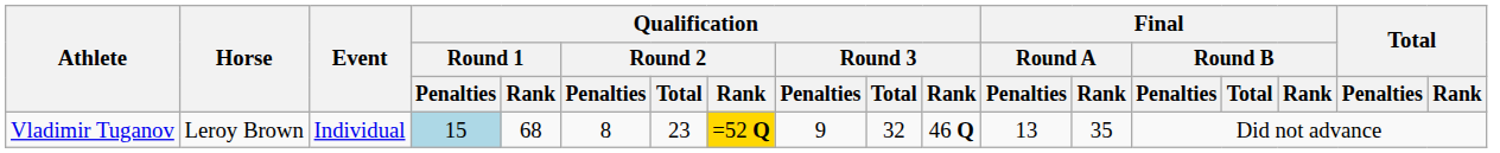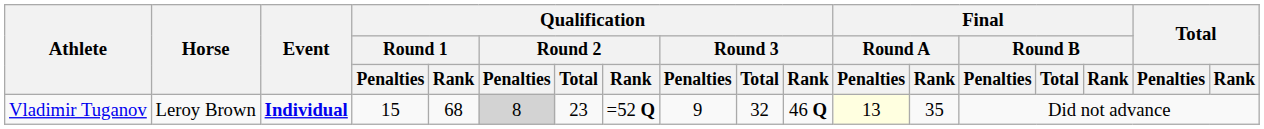 <table class="wikitable" style="font-size:90%">
 <tr>
 <th rowspan="3">Athlete</th>
 <th rowspan="3">Horse</th>
 <th rowspan="3">Event</th>
 <th colspan="8">Qualification</th>
 <th colspan="5">Final</th>
 <th rowspan=2 colspan="2">Total</th>
 </tr>
 <tr style="font-size:95%">
 <th colspan="2">Round 1</th>
 <th colspan="3">Round 2</th>
 <th colspan="3">Round 3</th>
 <th colspan="2">Round A</th>
 <th colspan="3">Round B</th>
 </tr>
 <tr style="font-size:95%">
 <th>Penalties</th>
 <th>Rank</th>
 <th>Penalties</th>
 <th>Total</th>
 <th>Rank</th>
 <th>Penalties</th>
 <th>Total</th>
 <th>Rank</th>
 <th>Penalties</th>
 <th>Rank</th>
 <th>Penalties</th>
 <th>Total</th>
 <th>Rank</th>
 <th>Penalties</th>
 <th>Rank</th>
 </tr>
 <tr align=center>
 <td align=left><a href='#'>Vladimir Tuganov</a></td>
 <td align=left>Leroy Brown</td>
-<td align=left><a href='#'>Individual</a></td>
-<td style="background: lightblue;">15</td>
+<td align=left><strong><a href='#'>Individual</a></strong></td>
+<td>15</td>
 <td>68</td>
-<td>8</td>
+<td style="background: lightgrey;">8</td>
 <td>23</td>
-<td style="background: gold;">=52 <strong>Q</strong></td>
+<td>=52 <strong>Q</strong></td>
 <td>9</td>
 <td>32</td>
 <td>46 <strong>Q</strong></td>
-<td>13</td>
+<td style="background: lightyellow;">13</td>
 <td>35</td>
 <td colspan=5>Did not advance</td>
 </tr>
 </table>
